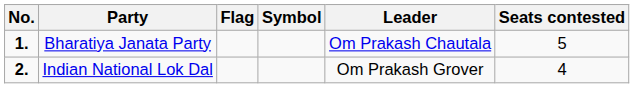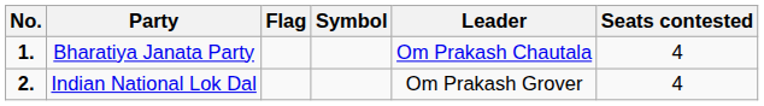 <table class="wikitable">
 <tr>
 <th>No.</th>
 <th>Party</th>
 <th>Flag</th>
 <th>Symbol</th>
 <th>Leader</th>
 <th>Seats contested</th>
 </tr>
 <tr>
 <td ! style="text-align:center; background:"><strong>1.</strong></td>
 <td style="text-align:center"><a href='#'>Bharatiya Janata Party</a></td>
 <td></td>
 <td></td>
 <td style="text-align:center"><a href='#'>Om Prakash Chautala</a></td>
-<td style="text-align:center">5</td>
+<td style="text-align:center">4</td>
 </tr>
 <tr>
 <td ! style="text-align:center; background:"><strong>2.</strong></td>
 <td style="text-align:center"><a href='#'>Indian National Lok Dal</a></td>
 <td></td>
 <td></td>
 <td style="text-align:center">Om Prakash Grover</td>
 <td style="text-align:center">4</td>
 </tr>
 </table>
